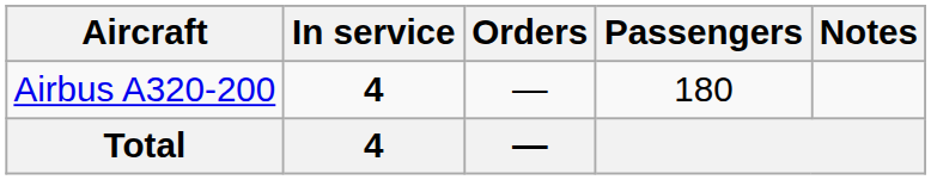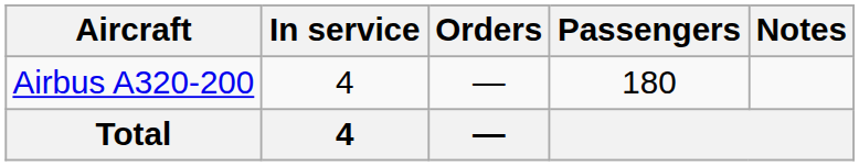 <table class="wikitable" style="margin:1em auto; text-align: center;">
 <tr>
 <th>Aircraft</th>
 <th>In service</th>
 <th>Orders</th>
 <th>Passengers</th>
 <th>Notes</th>
 </tr>
 <tr>
 <td><a href='#'>Airbus A320-200</a></td>
-<td><strong>4</strong></td>
+<td>4</td>
 <td>—</td>
 <td>180</td>
 <td></td>
 </tr>
 <tr>
 <th>Total</th>
 <th>4</th>
 <th>—</th>
 <th colspan="2"></th>
 </tr>
 </table>
